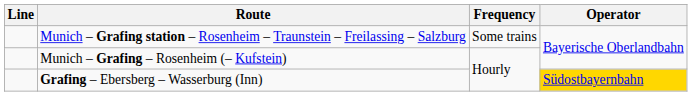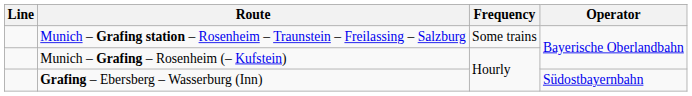 <table class="wikitable">
 <tr>
 <th>Line</th>
 <th>Route</th>
 <th>Frequency</th>
 <th>Operator</th>
 </tr>
 <tr>
 <td align= "center"></td>
 <td><a href='#'>Munich</a> – <strong>Grafing station</strong> – <a href='#'>Rosenheim</a> – <a href='#'>Traunstein</a> – <a href='#'>Freilassing</a> – <a href='#'>Salzburg</a></td>
 <td>Some trains</td>
 <td rowspan="2"><a href='#'>Bayerische Oberlandbahn</a></td>
 </tr>
 <tr>
 <td align="center"></td>
 <td>Munich – <strong>Grafing</strong> – Rosenheim (– <a href='#'>Kufstein</a>)</td>
 <td rowspan="3">Hourly</td>
 </tr>
 <tr>
 <td align="center"></td>
 <td><strong>Grafing</strong> – Ebersberg – Wasserburg (Inn)</td>
-<td style="background: gold;"><a href='#'>Südostbayernbahn</a></td>
+<td><a href='#'>Südostbayernbahn</a></td>
 </tr>
 </table>
